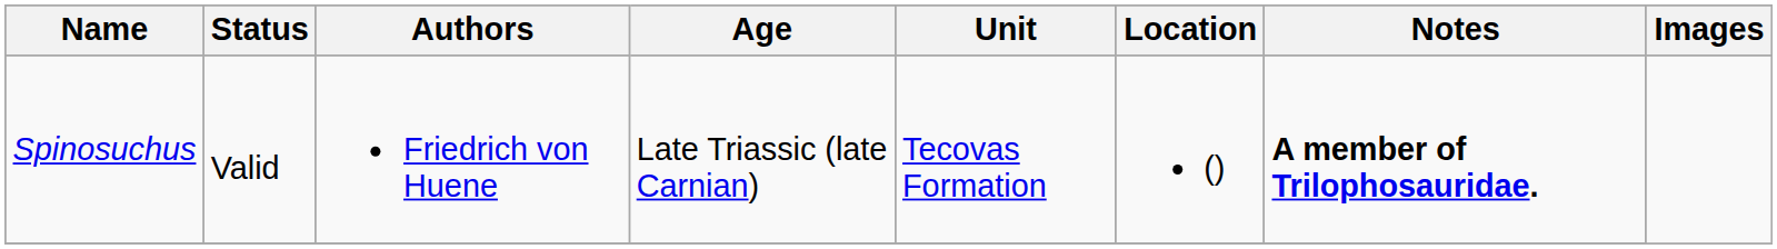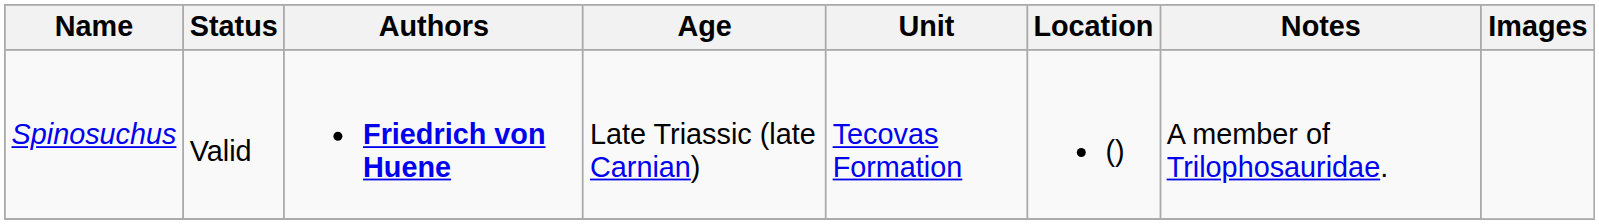 <table class="wikitable sortable" align="center" width="100%">
 <tr>
 <th>Name</th>
 <th>Status</th>
 <th colspan="2">Authors</th>
 <th>Age</th>
 <th>Unit</th>
 <th>Location</th>
 <th class="unsortable">Notes</th>
 <th class="unsortable">Images</th>
 </tr>
 <tr>
 <td><em><a href='#'>Spinosuchus</a></em></td>
 <td><br>Valid</td>
-<td style="border-right:0px" valign="top"><br><ul><li><a href='#'>Friedrich von Huene</a></li></ul></td>
+<td style="border-right:0px" valign="top"><strong><br><ul><li><a href='#'>Friedrich von Huene</a></li></ul></strong></td>
 <td style="border-left:0px" valign="top"></td>
 <td><br>Late Triassic (late <a href='#'>Carnian</a>)</td>
 <td><br><a href='#'>Tecovas Formation</a></td>
 <td><br><ul><li>  ()</li></ul></td>
-<td><strong><br>A member of <a href='#'>Trilophosauridae</a>.</strong></td>
+<td><br>A member of <a href='#'>Trilophosauridae</a>.</td>
 </tr>
 <tr>
 </tr>
 </table>
